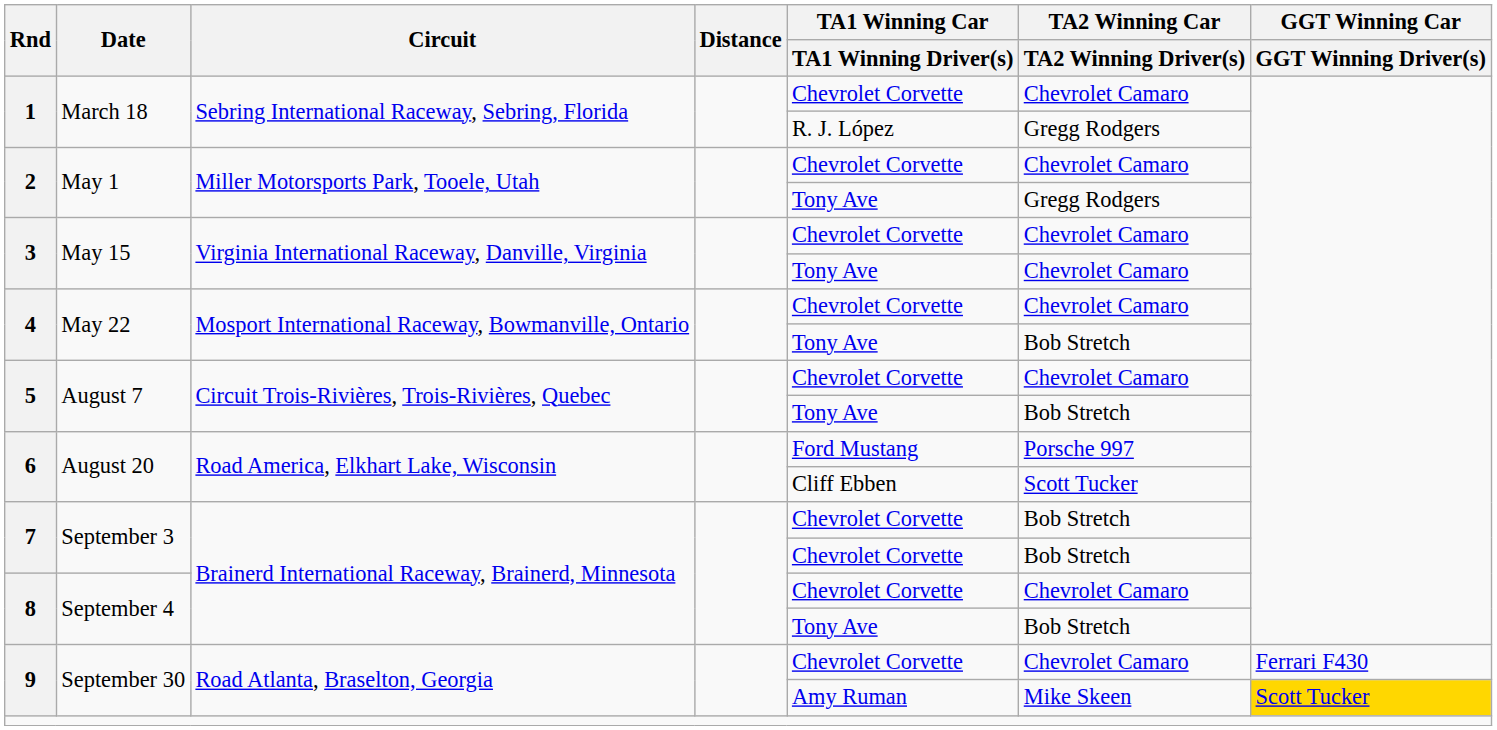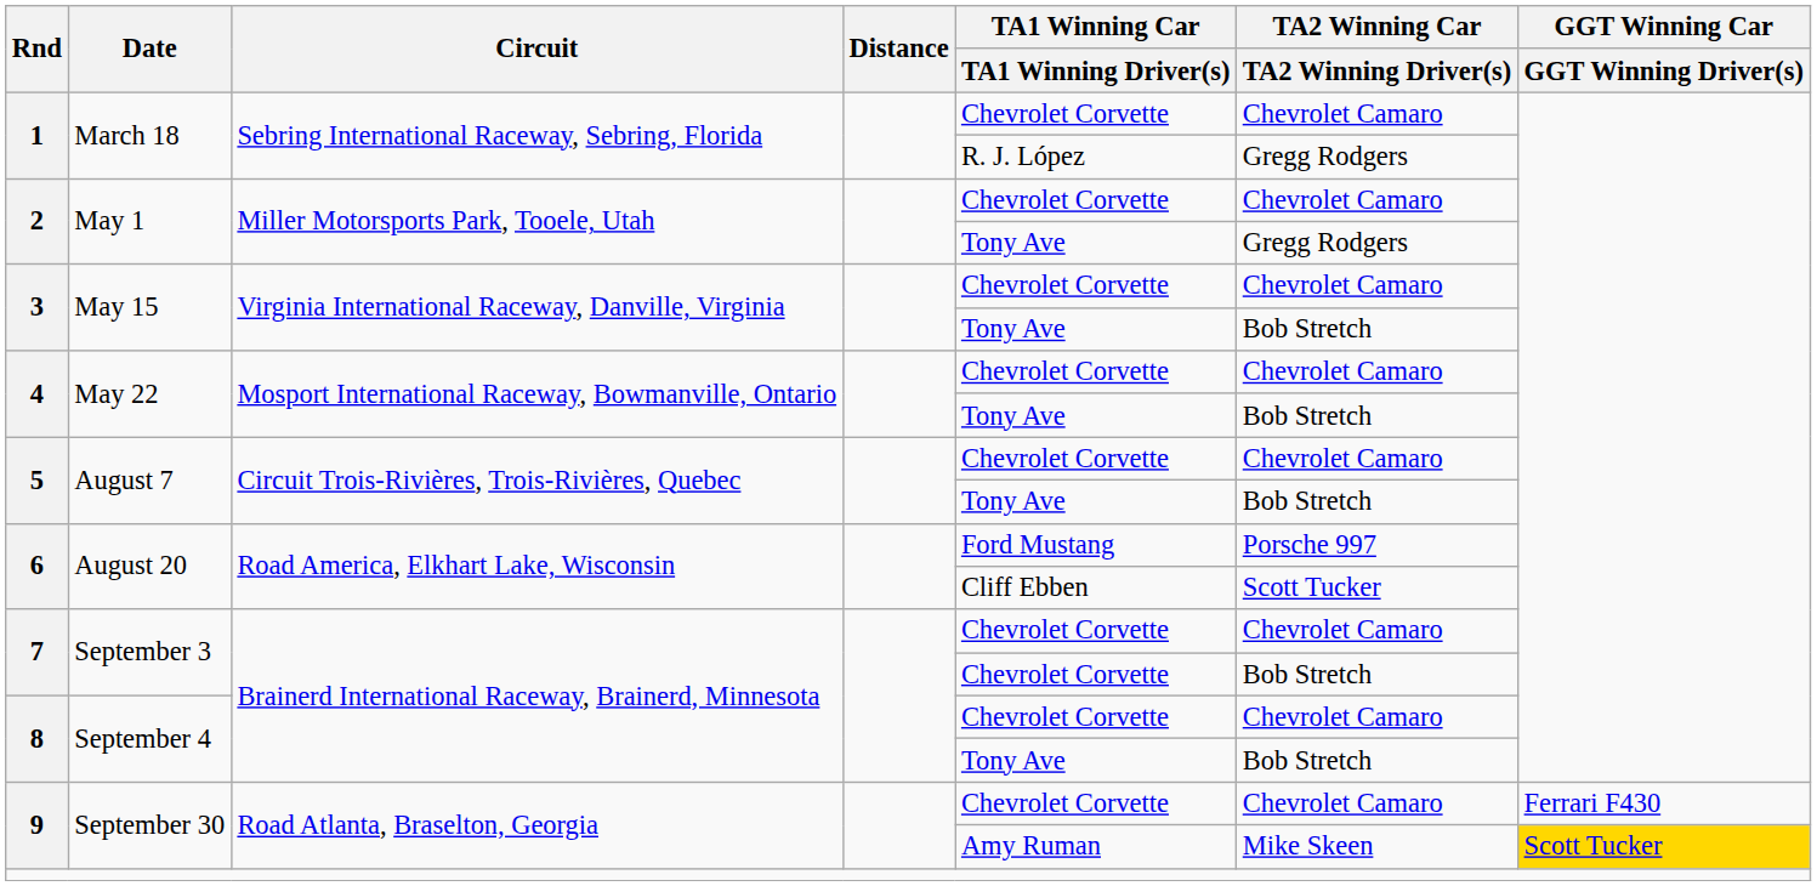 <table class="wikitable">
 <tr>
 <th rowspan=2>Rnd</th>
 <th rowspan=2>Date</th>
 <th rowspan=2>Circuit</th>
 <th rowspan=2>Distance</th>
 <th>TA1 Winning Car</th>
 <th>TA2 Winning Car</th>
 <th>GGT Winning Car</th>
 </tr>
 <tr>
 <th>TA1 Winning Driver(s)</th>
 <th>TA2 Winning Driver(s)</th>
 <th>GGT Winning Driver(s)</th>
 </tr>
 <tr>
 <th rowspan=2>1</th>
 <td rowspan=2>March 18</td>
 <td rowspan=2><a href='#'>Sebring International Raceway</a>, <a href='#'>Sebring, Florida</a></td>
 <td rowspan=2></td>
 <td><a href='#'>Chevrolet Corvette</a></td>
 <td><a href='#'>Chevrolet Camaro</a></td>
 <td rowspan=16></td>
 </tr>
 <tr>
 <td> R. J. López</td>
 <td> Gregg Rodgers</td>
 </tr>
 <tr>
 <th rowspan=2>2</th>
 <td rowspan=2>May 1</td>
 <td rowspan=2><a href='#'>Miller Motorsports Park</a>, <a href='#'>Tooele, Utah</a></td>
 <td rowspan=2></td>
 <td><a href='#'>Chevrolet Corvette</a></td>
 <td><a href='#'>Chevrolet Camaro</a></td>
 </tr>
 <tr>
 <td> <a href='#'>Tony Ave</a></td>
 <td> Gregg Rodgers</td>
 </tr>
 <tr>
 <th rowspan=2>3</th>
 <td rowspan=2>May 15</td>
 <td rowspan=2><a href='#'>Virginia International Raceway</a>, <a href='#'>Danville, Virginia</a></td>
 <td rowspan=2></td>
 <td><a href='#'>Chevrolet Corvette</a></td>
 <td><a href='#'>Chevrolet Camaro</a></td>
 </tr>
 <tr>
 <td> <a href='#'>Tony Ave</a></td>
-<td><a href='#'>Chevrolet Camaro</a></td>
+<td> Bob Stretch</td>
 </tr>
 <tr>
 <th rowspan=2>4</th>
 <td rowspan=2>May 22</td>
 <td rowspan=2><a href='#'>Mosport International Raceway</a>, <a href='#'>Bowmanville, Ontario</a></td>
 <td rowspan=2></td>
 <td><a href='#'>Chevrolet Corvette</a></td>
 <td><a href='#'>Chevrolet Camaro</a></td>
 </tr>
 <tr>
 <td> <a href='#'>Tony Ave</a></td>
 <td> Bob Stretch</td>
 </tr>
 <tr>
 <th rowspan=2>5</th>
 <td rowspan=2>August 7</td>
 <td rowspan=2><a href='#'>Circuit Trois-Rivières</a>, <a href='#'>Trois-Rivières</a>, <a href='#'>Quebec</a></td>
 <td rowspan=2></td>
 <td><a href='#'>Chevrolet Corvette</a></td>
 <td><a href='#'>Chevrolet Camaro</a></td>
 </tr>
 <tr>
 <td> <a href='#'>Tony Ave</a></td>
 <td> Bob Stretch</td>
 </tr>
 <tr>
 <th rowspan=2>6</th>
 <td rowspan=2>August 20</td>
 <td rowspan=2><a href='#'>Road America</a>, <a href='#'>Elkhart Lake, Wisconsin</a></td>
 <td rowspan=2></td>
 <td><a href='#'>Ford Mustang</a></td>
 <td><a href='#'>Porsche 997</a></td>
 </tr>
 <tr>
 <td> Cliff Ebben</td>
 <td> <a href='#'>Scott Tucker</a></td>
 </tr>
 <tr>
 <th rowspan=2>7</th>
 <td rowspan=2>September 3</td>
 <td rowspan=4><a href='#'>Brainerd International Raceway</a>, <a href='#'>Brainerd, Minnesota</a></td>
 <td rowspan=4></td>
 <td><a href='#'>Chevrolet Corvette</a></td>
-<td> Bob Stretch</td>
+<td><a href='#'>Chevrolet Camaro</a></td>
 </tr>
 <tr>
 <td><a href='#'>Chevrolet Corvette</a></td>
 <td> Bob Stretch</td>
 </tr>
 <tr>
 <th rowspan=2>8</th>
 <td rowspan=2>September 4</td>
 <td><a href='#'>Chevrolet Corvette</a></td>
 <td><a href='#'>Chevrolet Camaro</a></td>
 </tr>
 <tr>
 <td> <a href='#'>Tony Ave</a></td>
 <td> Bob Stretch</td>
 </tr>
 <tr>
 <th rowspan=2>9</th>
 <td rowspan=2>September 30</td>
 <td rowspan=2><a href='#'>Road Atlanta</a>, <a href='#'>Braselton, Georgia</a></td>
 <td rowspan=2></td>
 <td><a href='#'>Chevrolet Corvette</a></td>
 <td><a href='#'>Chevrolet Camaro</a></td>
 <td><a href='#'>Ferrari F430</a></td>
 </tr>
 <tr>
 <td> <a href='#'>Amy Ruman</a></td>
 <td> <a href='#'>Mike Skeen</a></td>
 <td style="background: gold;"> <a href='#'>Scott Tucker</a></td>
 </tr>
 <tr>
 <td style="text-align:center;" colspan=7></td>
 </tr>
 </table>
